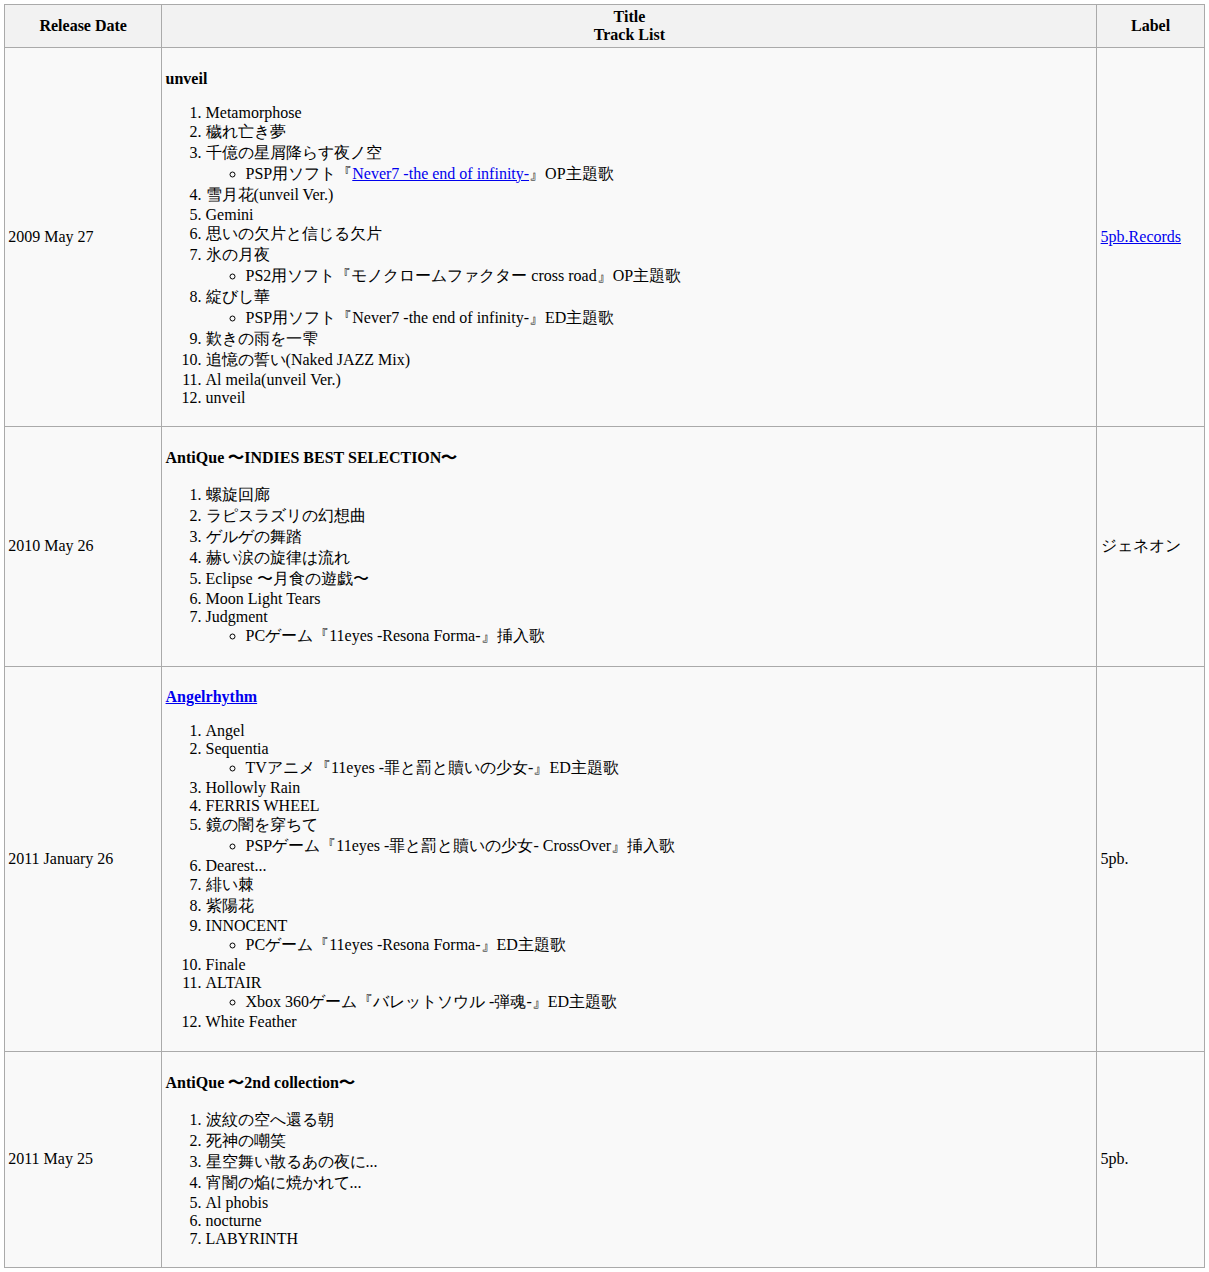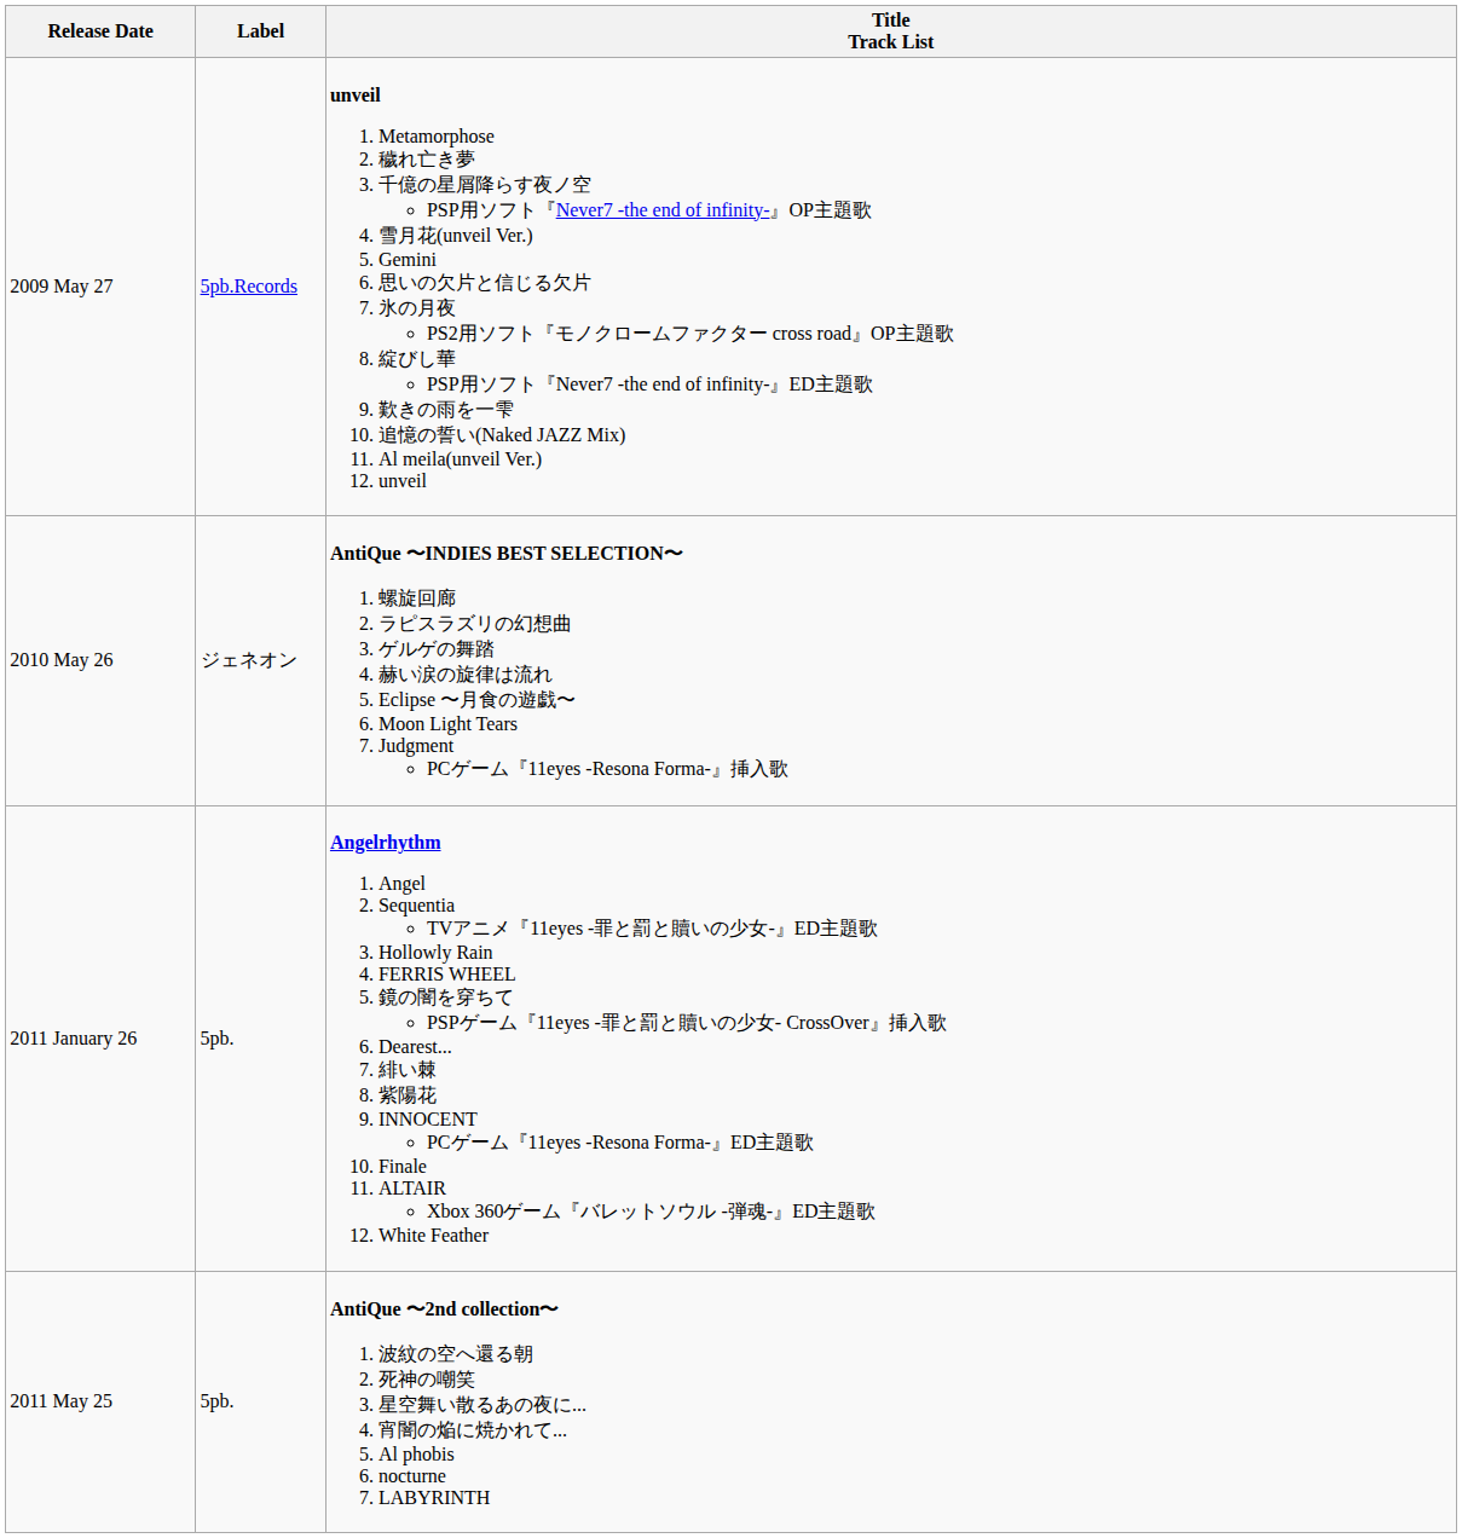 <table class="wikitable" width="95%">
 <tr>
 <th width="150px">Release Date</th>
+<th width="100px">Label</th>
 <th>Title<br>Track List</th>
-<th width="100px">Label</th>
 </tr>
 <tr>
 <td>2009 May 27</td>
+<td><a href='#'>5pb.Records</a></td>
 <td><br><strong>unveil</strong><ol><li>Metamorphose</li><li>穢れ亡き夢</li><li>千億の星屑降らす夜ノ空<ul><li>PSP用ソフト『<a href='#'>Never7 -the end of infinity-</a>』OP主題歌</li></ul></li><li>雪月花(unveil Ver.)</li><li>Gemini</li><li>思いの欠片と信じる欠片</li><li>氷の月夜<ul><li>PS2用ソフト『モノクロームファクター cross road』OP主題歌</li></ul></li><li>綻びし華<ul><li>PSP用ソフト『Never7 -the end of infinity-』ED主題歌</li></ul></li><li>歎きの雨を一雫</li><li>追憶の誓い(Naked JAZZ Mix)</li><li>Al meila(unveil Ver.)</li><li>unveil</li></ol></td>
-<td><a href='#'>5pb.Records</a></td>
 </tr>
 <tr>
 <td>2010 May 26</td>
+<td ジェネオン・ユニバーサル・エンターテイメントジャパン>ジェネオン</td>
 <td><br><strong>AntiQue 〜INDIES BEST SELECTION〜</strong><ol><li>螺旋回廊</li><li>ラピスラズリの幻想曲</li><li>ゲルゲの舞踏</li><li>赫い涙の旋律は流れ</li><li>Eclipse 〜月食の遊戯〜</li><li>Moon Light Tears</li><li>Judgment<ul><li>PCゲーム『11eyes -Resona Forma-』挿入歌</li></ul></li></ol></td>
-<td ジェネオン・ユニバーサル・エンターテイメントジャパン>ジェネオン</td>
 </tr>
 <tr>
 <td>2011 January 26</td>
+<td>5pb.</td>
 <td><br><strong><a href='#'>Angelrhythm</a></strong><ol><li>Angel</li><li>Sequentia<ul><li>TVアニメ『11eyes -罪と罰と贖いの少女-』ED主題歌</li></ul></li><li>Hollowly Rain</li><li>FERRIS WHEEL</li><li>鏡の闇を穿ちて<ul><li>PSPゲーム『11eyes -罪と罰と贖いの少女- CrossOver』挿入歌</li></ul></li><li>Dearest...</li><li>緋い棘</li><li>紫陽花</li><li>INNOCENT<ul><li>PCゲーム『11eyes -Resona Forma-』ED主題歌</li></ul></li><li>Finale</li><li>ALTAIR<ul><li>Xbox 360ゲーム『バレットソウル -弾魂-』ED主題歌</li></ul></li><li>White Feather</li></ol></td>
-<td>5pb.</td>
 </tr>
 <tr>
 <td>2011 May 25</td>
+<td>5pb.</td>
 <td><br><strong>AntiQue 〜2nd collection〜</strong><ol><li>波紋の空へ還る朝</li><li>死神の嘲笑</li><li>星空舞い散るあの夜に...</li><li>宵闇の焔に焼かれて...</li><li>Al phobis</li><li>nocturne</li><li>LABYRINTH</li></ol></td>
-<td>5pb.</td>
 </tr>
 </table>
